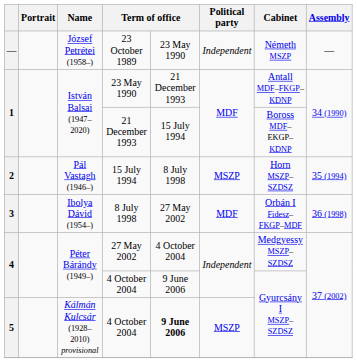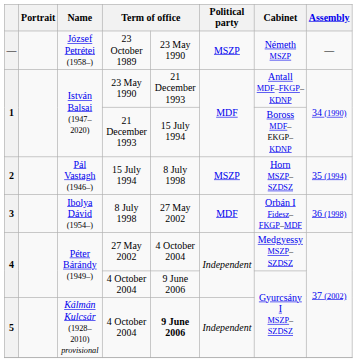 <table class="wikitable" style="width:90%; text-align:center;">
 <tr>
 <th></th>
 <th>Portrait</th>
 <th>Name<br></th>
 <th colspan=2>Term of office</th>
 <th>Political party</th>
 <th>Cabinet</th>
 <th><a href='#'>Assembly</a><br></th>
 </tr>
 <tr>
 <th style="background:">—</th>
 <td></td>
 <td><a href='#'>József Petrétei</a><br><small>(1958–)</small></td>
 <td>23 October 1989</td>
 <td>23 May 1990</td>
-<td><em>Independent</em></td>
+<td><a href='#'>MSZP</a></td>
 <td><a href='#'>Németh</a><br><small><a href='#'>MSZP</a></small></td>
 <td>—</td>
 </tr>
 <tr>
 <th rowspan="2" style="background:">1</th>
 <td rowspan="2"></td>
 <td rowspan="2"><a href='#'>István Balsai</a><br><small>(1947–2020)</small></td>
 <td>23 May 1990</td>
 <td>21 December 1993</td>
 <td rowspan="2"><a href='#'>MDF</a></td>
 <td><a href='#'>Antall</a><br><small><a href='#'>MDF</a>–<a href='#'>FKGP</a>–<a href='#'>KDNP</a></small></td>
 <td rowspan="2"><a href='#'>34 <small>(1990)</small></a></td>
 </tr>
 <tr>
 <td>21 December 1993</td>
 <td>15 July 1994</td>
 <td><a href='#'>Boross</a><br><small><a href='#'>MDF</a>–EKGP–<a href='#'>KDNP</a></small></td>
 </tr>
 <tr>
 <th style="background:">2</th>
 <td></td>
 <td><a href='#'>Pál Vastagh</a><br><small>(1946–)</small></td>
 <td>15 July 1994</td>
 <td>8 July 1998</td>
 <td><a href='#'>MSZP</a></td>
 <td><a href='#'>Horn</a><br><small><a href='#'>MSZP</a>–<a href='#'>SZDSZ</a></small></td>
 <td><a href='#'>35 <small>(1994)</small></a></td>
 </tr>
 <tr>
 <th style="background:">3</th>
 <td></td>
 <td><a href='#'>Ibolya Dávid</a><br><small>(1954–)</small></td>
 <td>8 July 1998</td>
 <td>27 May 2002</td>
 <td><a href='#'>MDF</a></td>
 <td><a href='#'>Orbán I</a><br><small><a href='#'>Fidesz</a>–<a href='#'>FKGP</a>–<a href='#'>MDF</a></small></td>
 <td><a href='#'>36 <small>(1998)</small></a></td>
 </tr>
 <tr>
 <th rowspan="2" style="background:">4</th>
 <td rowspan="2"></td>
 <td rowspan="2"><a href='#'>Péter Bárándy</a><br><small>(1949–)</small></td>
 <td>27 May 2002</td>
 <td>4 October 2004</td>
 <td rowspan="2"><em>Independent</em></td>
 <td><a href='#'>Medgyessy</a><br><small><a href='#'>MSZP</a>–<a href='#'>SZDSZ</a></small></td>
 <td rowspan="3"><a href='#'>37 <small>(2002)</small></a></td>
 </tr>
 <tr>
 <td>4 October 2004</td>
 <td>9 June 2006</td>
 <td rowspan="2"><a href='#'>Gyurcsány I</a><br><small><a href='#'>MSZP</a>–<a href='#'>SZDSZ</a></small></td>
 </tr>
 <tr>
 <th style="background:">5</th>
 <td></td>
 <td><em><a href='#'>Kálmán Kulcsár</a></em><br><small>(1928–2010)<br><em>provisional</em></small></td>
 <td>4 October 2004</td>
 <td><strong>9 June 2006</strong></td>
-<td><a href='#'>MSZP</a></td>
+<td><em>Independent</em></td>
 </tr>
 <tr>
 </tr>
 </table>
